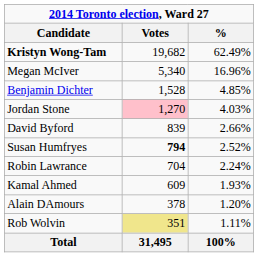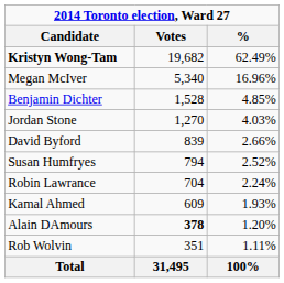 <table class="wikitable">
 <tr>
 <td colspan="3" align="center"><strong><a href='#'>2014 Toronto election</a>, Ward 27</strong></td>
 </tr>
 <tr>
 <th bgcolor="#DDDDFF" width="150px">Candidate</th>
 <th bgcolor="#DDDDFF" width="80px">Votes</th>
 <th bgcolor="#DDDDFF" width="80px">%</th>
 </tr>
 <tr>
 <td><strong>Kristyn Wong-Tam</strong></td>
 <td align="right">19,682</td>
 <td align="right">62.49%</td>
 </tr>
 <tr>
 <td>Megan McIver</td>
 <td align="right">5,340</td>
 <td align="right">16.96%</td>
 </tr>
 <tr>
 <td><a href='#'>Benjamin Dichter</a></td>
 <td align="right">1,528</td>
 <td align="right">4.85%</td>
 </tr>
 <tr>
 <td>Jordan Stone</td>
-<td align="right" style="background: pink;">1,270</td>
+<td align="right">1,270</td>
 <td align="right">4.03%</td>
 </tr>
 <tr>
 <td>David Byford</td>
 <td align="right">839</td>
 <td align="right">2.66%</td>
 </tr>
 <tr>
 <td>Susan Humfryes</td>
-<td align="right"><strong>794</strong></td>
+<td align="right">794</td>
 <td align="right">2.52%</td>
 </tr>
 <tr>
 <td>Robin Lawrance</td>
 <td align="right">704</td>
 <td align="right">2.24%</td>
 </tr>
 <tr>
 <td>Kamal Ahmed</td>
 <td align="right">609</td>
 <td align="right">1.93%</td>
 </tr>
 <tr>
 <td>Alain DAmours</td>
-<td align="right">378</td>
+<td align="right"><strong>378</strong></td>
 <td align="right">1.20%</td>
 </tr>
 <tr>
 <td>Rob Wolvin</td>
-<td align="right" style="background: khaki;">351</td>
+<td align="right">351</td>
 <td align="right">1.11%</td>
 </tr>
 <tr>
 <th>Total</th>
 <th align="right">31,495</th>
 <th align="right">100%</th>
 </tr>
 </table>
